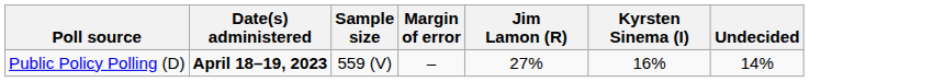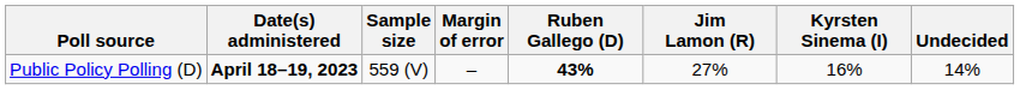 <table class="wikitable" style="font-size:90%;text-align:center;">
 <tr style="vertical-align:bottom">
 <th>Poll source</th>
 <th>Date(s)<br>administered</th>
 <th>Sample<br>size</th>
 <th>Margin<br>of error</th>
+<th style="width:100px;">Ruben<br>Gallego (D)</th>
 <th style="width:100px;">Jim<br>Lamon (R)</th>
 <th style="width:100px;">Kyrsten<br>Sinema (I)</th>
 <th>Undecided</th>
 </tr>
 <tr>
 <td style="text-align:left"><a href='#'>Public Policy Polling</a> (D)</td>
 <td><strong>April 18–19, 2023</strong></td>
 <td>559 (V)</td>
 <td>–</td>
+<td><strong>43%</strong></td>
 <td>27%</td>
 <td>16%</td>
 <td>14%</td>
 </tr>
 </table>
